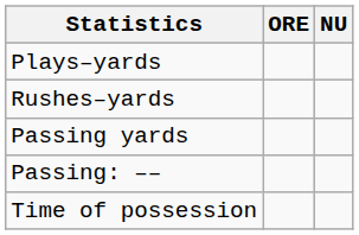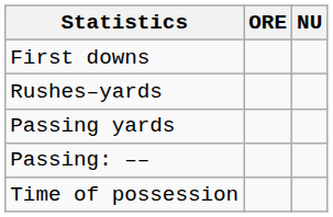 <table class="wikitable" style="float:left">
 <tr>
 <th>Statistics</th>
 <th>ORE</th>
 <th>NU</th>
 </tr>
 <tr>
-<td>Plays–yards</td>
+<td>First downs</td>
 <td></td>
 <td></td>
 </tr>
 <tr>
 <td>Rushes–yards</td>
 <td></td>
 <td></td>
 </tr>
 <tr>
 <td>Passing yards</td>
 <td></td>
 <td></td>
 </tr>
 <tr>
 <td>Passing: ––</td>
 <td></td>
 <td></td>
 </tr>
 <tr>
 <td>Time of possession</td>
 <td></td>
 <td></td>
 </tr>
 </table>
